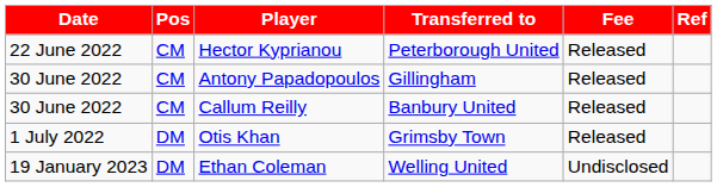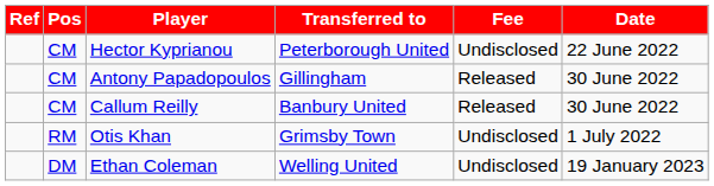 <table class="wikitable plainrowheaders sortable">
 <tr>
-<th style="background:#FF0000; color:#FFFFFF; ">Date</th>
+<th style="background:#FF0000; color:#FFFFFF; ">Ref</th>
 <th style="background:#FF0000; color:#FFFFFF; ">Pos</th>
 <th style="background:#FF0000; color:#FFFFFF; ">Player</th>
 <th style="background:#FF0000; color:#FFFFFF; ">Transferred to</th>
 <th style="background:#FF0000; color:#FFFFFF; ">Fee</th>
-<th style="background:#FF0000; color:#FFFFFF; ">Ref</th>
+<th style="background:#FF0000; color:#FFFFFF; ">Date</th>
 </tr>
 <tr>
-<td>22 June 2022</td>
+<td></td>
 <td><a href='#'>CM</a></td>
 <td> <a href='#'>Hector Kyprianou</a></td>
 <td> <a href='#'>Peterborough United</a></td>
-<td>Released</td>
-<td></td>
+<td>Undisclosed</td>
+<td>22 June 2022</td>
 </tr>
 <tr>
-<td>30 June 2022</td>
+<td></td>
 <td><a href='#'>CM</a></td>
 <td> <a href='#'>Antony Papadopoulos</a></td>
 <td> <a href='#'>Gillingham</a></td>
 <td>Released</td>
-<td></td>
+<td>30 June 2022</td>
 </tr>
 <tr>
-<td>30 June 2022</td>
+<td></td>
 <td><a href='#'>CM</a></td>
 <td> <a href='#'>Callum Reilly</a></td>
 <td> <a href='#'>Banbury United</a></td>
 <td>Released</td>
-<td></td>
+<td>30 June 2022</td>
 </tr>
 <tr>
-<td>1 July 2022</td>
-<td><a href='#'>DM</a></td>
+<td></td>
+<td><a href='#'>RM</a></td>
 <td> <a href='#'>Otis Khan</a></td>
 <td> <a href='#'>Grimsby Town</a></td>
-<td>Released</td>
-<td></td>
+<td>Undisclosed</td>
+<td>1 July 2022</td>
 </tr>
 <tr>
-<td>19 January 2023</td>
+<td></td>
 <td><a href='#'>DM</a></td>
 <td> <a href='#'>Ethan Coleman</a></td>
 <td> <a href='#'>Welling United</a></td>
 <td>Undisclosed</td>
-<td></td>
+<td>19 January 2023</td>
 </tr>
 </table>
